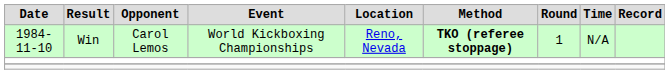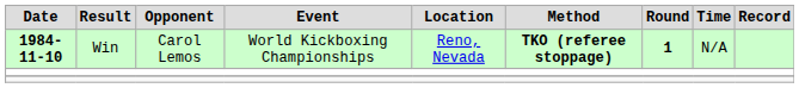 <table style="width:100%; clear:both; margin:1.5em auto; text-align:center; font-size:88%;" class="wikitable">
 <tr align="center"  bgcolor="#dddddd">
 <td><strong>Date</strong></td>
 <td><strong>Result</strong></td>
 <td><strong>Opponent</strong></td>
 <td><strong>Event</strong></td>
 <td><strong>Location</strong></td>
 <td><strong>Method</strong></td>
 <td><strong>Round</strong></td>
 <td><strong>Time</strong></td>
 <td><strong>Record</strong></td>
 </tr>
 <tr align="center" bgcolor="CCFFCC">
-<td>1984-11-10</td>
+<td><strong>1984-11-10</strong></td>
 <td>Win</td>
 <td>Carol Lemos</td>
 <td>World Kickboxing Championships</td>
 <td><a href='#'>Reno, Nevada</a></td>
 <td><strong>TKO (referee stoppage)</strong></td>
-<td style="text-align:center;">1</td>
+<td style="text-align:center;"><strong>1</strong></td>
 <td style="text-align:center;">N/A</td>
 <td style="text-align:center;"></td>
 </tr>
 <tr>
 </tr>
 <tr>
 <th style=background:white colspan=9></th>
 </tr>
 <tr>
 </tr>
 <tr>
 <td colspan=10></td>
 </tr>
 </table>
